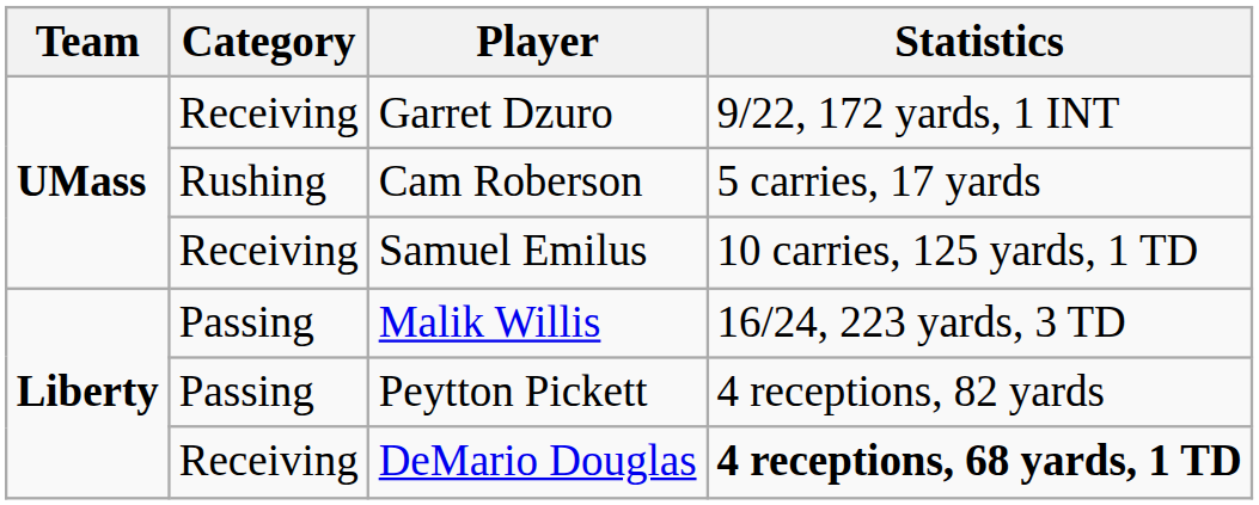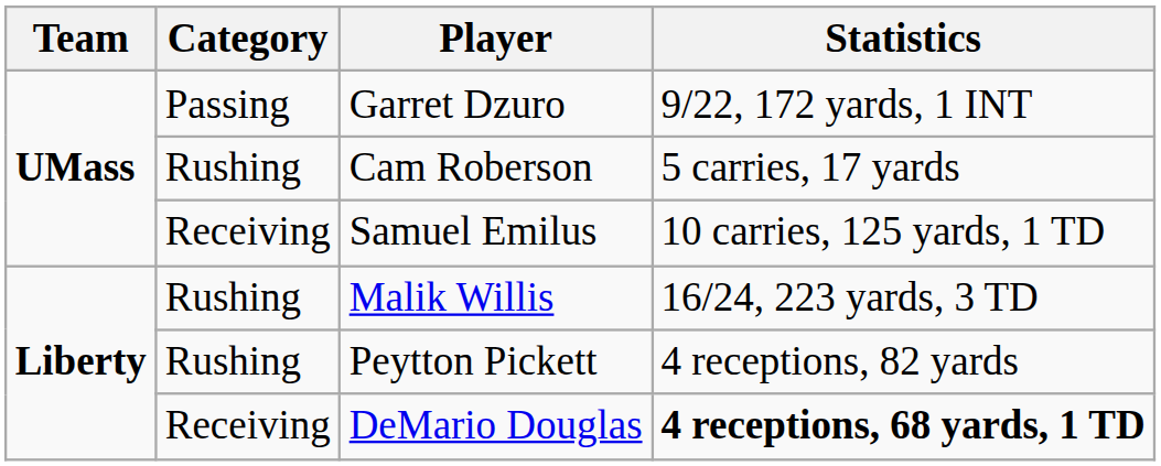 <table class="wikitable" style="float: left;">
 <tr>
 <th>Team</th>
 <th>Category</th>
 <th>Player</th>
 <th>Statistics</th>
 </tr>
 <tr>
 <td rowspan=3><strong>UMass</strong></td>
-<td>Receiving</td>
+<td>Passing</td>
 <td>Garret Dzuro</td>
 <td>9/22, 172 yards, 1 INT</td>
 </tr>
 <tr>
 <td>Rushing</td>
 <td>Cam Roberson</td>
 <td>5 carries, 17 yards</td>
 </tr>
 <tr>
 <td>Receiving</td>
 <td>Samuel Emilus</td>
 <td>10 carries, 125 yards, 1 TD</td>
 </tr>
 <tr>
 <td rowspan=3><strong>Liberty</strong></td>
-<td>Passing</td>
+<td>Rushing</td>
 <td><a href='#'>Malik Willis</a></td>
 <td>16/24, 223 yards, 3 TD</td>
 </tr>
 <tr>
-<td>Passing</td>
+<td>Rushing</td>
 <td>Peytton Pickett</td>
 <td>4 receptions, 82 yards</td>
 </tr>
 <tr>
 <td>Receiving</td>
 <td><a href='#'>DeMario Douglas</a></td>
 <td><strong>4 receptions, 68 yards, 1 TD</strong></td>
 </tr>
 </table>
